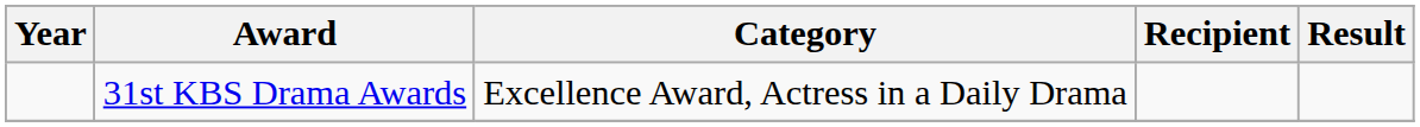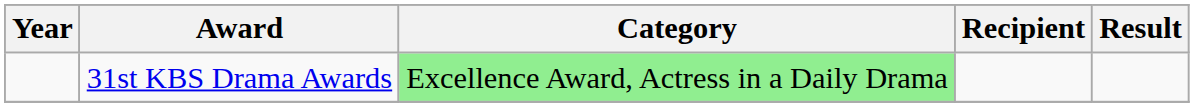 <table class="wikitable">
 <tr>
 <th>Year</th>
 <th>Award</th>
 <th>Category</th>
 <th>Recipient</th>
 <th>Result</th>
 </tr>
 <tr>
 <td></td>
 <td><a href='#'>31st KBS Drama Awards</a></td>
-<td>Excellence Award, Actress in a Daily Drama</td>
+<td style="background: lightgreen;">Excellence Award, Actress in a Daily Drama</td>
 <td></td>
 <td></td>
 </tr>
 <tr>
 </tr>
 </table>
